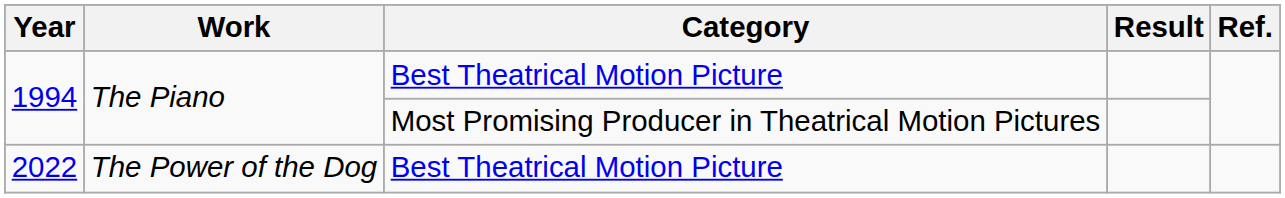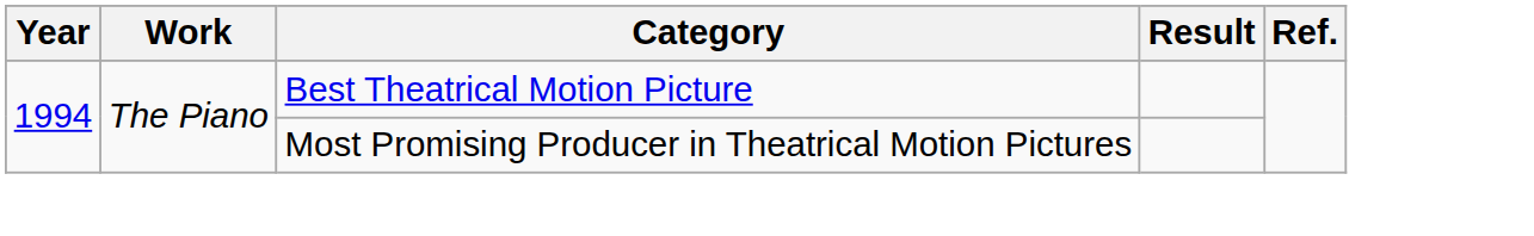 <table class="wikitable">
 <tr>
 <th>Year</th>
 <th>Work</th>
 <th>Category</th>
 <th>Result</th>
 <th>Ref.</th>
 </tr>
 <tr>
 <td rowspan="2"><a href='#'>1994</a></td>
 <td rowspan="2"><em>The Piano</em></td>
 <td rowspan="1"><a href='#'>Best Theatrical Motion Picture</a></td>
 <td></td>
 <td rowspan="2"></td>
 </tr>
 <tr>
 <td rowspan="1">Most Promising Producer in Theatrical Motion Pictures</td>
 <td></td>
 </tr>
-<tr>
-<td rowspan="1"><a href='#'>2022</a></td>
-<td rowspan="1"><em>The Power of the Dog</em></td>
-<td rowspan="1"><a href='#'>Best Theatrical Motion Picture</a></td>
-<td></td>
-<td rowspan="1"></td>
-</tr>
 </table>
